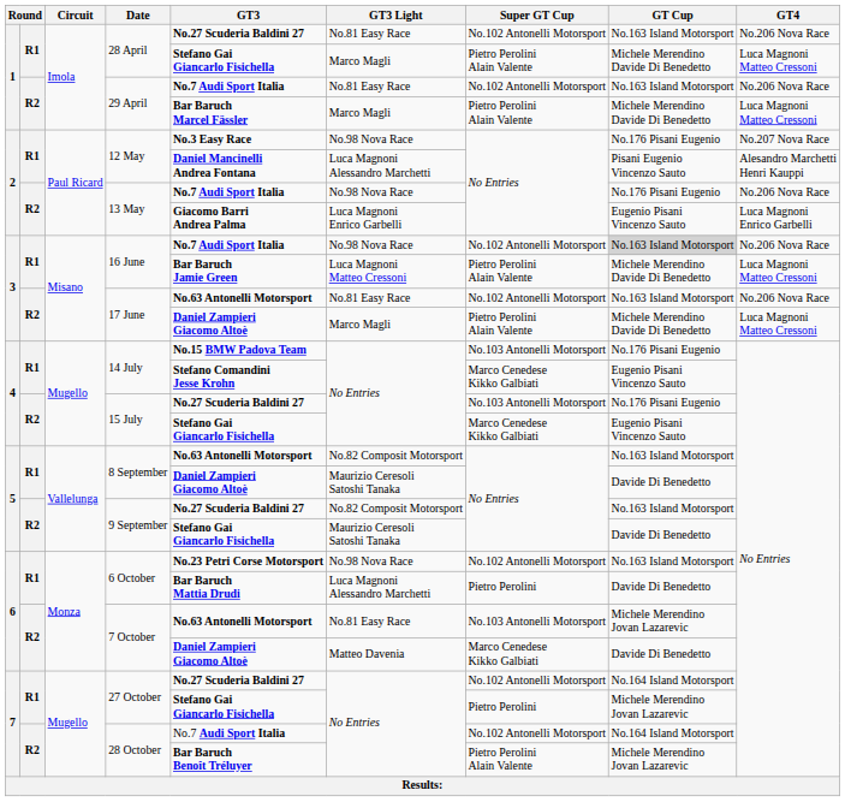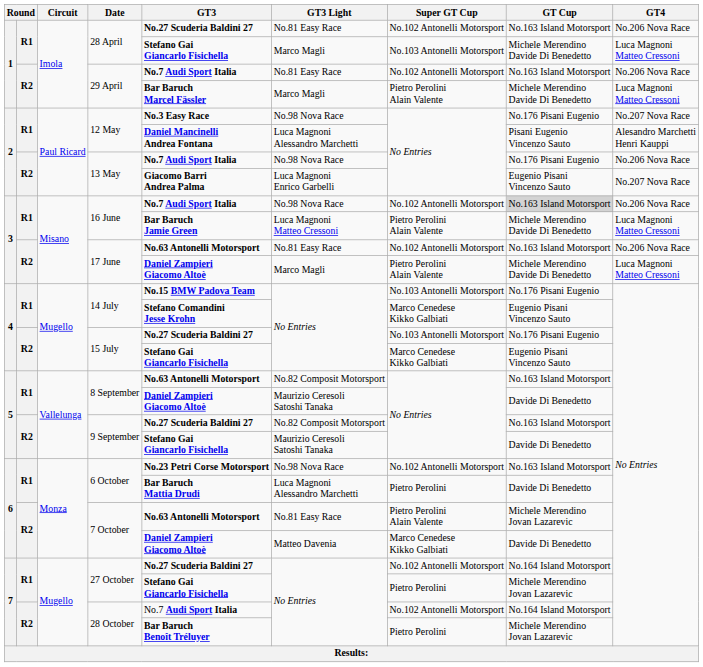 <table class="wikitable" style="font-size: 85%;">
 <tr>
 <th colspan=2>Round</th>
 <th>Circuit</th>
 <th>Date</th>
 <th>GT3</th>
 <th>GT3 Light</th>
 <th>Super GT Cup</th>
 <th>GT Cup</th>
 <th>GT4</th>
 </tr>
 <tr>
 <th rowspan=4>1</th>
 <th rowspan=2>R1</th>
 <td rowspan=4> <a href='#'>Imola</a></td>
 <td rowspan=2>28 April</td>
 <td> <strong>No.27 Scuderia Baldini 27</strong></td>
 <td> No.81 Easy Race</td>
 <td> No.102 Antonelli Motorsport</td>
 <td> No.163 Island Motorsport</td>
 <td> No.206 Nova Race</td>
 </tr>
 <tr>
 <td> <strong>Stefano Gai<br>  <a href='#'>Giancarlo Fisichella</a></strong></td>
 <td> Marco Magli</td>
-<td> Pietro Perolini<br>  Alain Valente</td>
+<td> No.103 Antonelli Motorsport</td>
 <td> Michele Merendino<br>  Davide Di Benedetto</td>
 <td> Luca Magnoni<br>  <a href='#'>Matteo Cressoni</a></td>
 </tr>
 <tr>
 <th rowspan=2>R2</th>
 <td rowspan=2>29 April</td>
 <td> <strong>No.7 <a href='#'>Audi Sport</a> Italia</strong></td>
 <td> No.81 Easy Race</td>
 <td> No.102 Antonelli Motorsport</td>
 <td> No.163 Island Motorsport</td>
 <td> No.206 Nova Race</td>
 </tr>
 <tr>
 <td> <strong>Bar Baruch<br>  <a href='#'>Marcel Fässler</a></strong></td>
 <td> Marco Magli</td>
 <td> Pietro Perolini<br>  Alain Valente</td>
 <td> Michele Merendino<br>  Davide Di Benedetto</td>
 <td> Luca Magnoni<br>  <a href='#'>Matteo Cressoni</a></td>
 </tr>
 <tr>
 <th rowspan=4>2</th>
 <th rowspan=2>R1</th>
 <td rowspan=4> <a href='#'>Paul Ricard</a></td>
 <td rowspan=2>12 May</td>
 <td> <strong>No.3 Easy Race</strong></td>
 <td> No.98 Nova Race</td>
 <td rowspan=4><em>No Entries</em></td>
 <td> No.176 Pisani Eugenio</td>
 <td> No.207 Nova Race</td>
 </tr>
 <tr>
 <td> <strong><a href='#'>Daniel Mancinelli</a><br>  Andrea Fontana</strong></td>
 <td> Luca Magnoni<br>  Alessandro Marchetti</td>
 <td> Pisani Eugenio<br>  Vincenzo Sauto</td>
 <td> Alesandro Marchetti<br>  Henri Kauppi</td>
 </tr>
 <tr>
 <th rowspan=2>R2</th>
 <td rowspan=2>13 May</td>
 <td> <strong>No.7 <a href='#'>Audi Sport</a> Italia</strong></td>
 <td> No.98 Nova Race</td>
 <td> No.176 Pisani Eugenio</td>
 <td> No.206 Nova Race</td>
 </tr>
 <tr>
 <td> <strong>Giacomo Barri<br>  Andrea Palma</strong></td>
 <td> Luca Magnoni<br>  Enrico Garbelli</td>
 <td> Eugenio Pisani<br>  Vincenzo Sauto</td>
-<td> Luca Magnoni<br>  Enrico Garbelli</td>
+<td> No.207 Nova Race</td>
 </tr>
 <tr>
 <th rowspan=4>3</th>
 <th rowspan=2>R1</th>
 <td rowspan=4> <a href='#'>Misano</a></td>
 <td rowspan=2>16 June</td>
 <td> <strong>No.7 <a href='#'>Audi Sport</a> Italia</strong></td>
 <td> No.98 Nova Race</td>
 <td> No.102 Antonelli Motorsport</td>
 <td style="background: lightgrey;"> No.163 Island Motorsport</td>
 <td> No.206 Nova Race</td>
 </tr>
 <tr>
 <td> <strong>Bar Baruch<br>  <a href='#'>Jamie Green</a></strong></td>
 <td> Luca Magnoni<br>  <a href='#'>Matteo Cressoni</a></td>
 <td> Pietro Perolini<br>  Alain Valente</td>
 <td> Michele Merendino<br>  Davide Di Benedetto</td>
 <td> Luca Magnoni<br>  <a href='#'>Matteo Cressoni</a></td>
 </tr>
 <tr>
 <th rowspan=2>R2</th>
 <td rowspan=2>17 June</td>
 <td> <strong>No.63 Antonelli Motorsport</strong></td>
 <td> No.81 Easy Race</td>
 <td> No.102 Antonelli Motorsport</td>
 <td> No.163 Island Motorsport</td>
 <td> No.206 Nova Race</td>
 </tr>
 <tr>
 <td> <strong><a href='#'>Daniel Zampieri</a><br>  <a href='#'>Giacomo Altoè</a></strong></td>
 <td> Marco Magli</td>
 <td> Pietro Perolini<br>  Alain Valente</td>
 <td> Michele Merendino<br>  Davide Di Benedetto</td>
 <td> Luca Magnoni<br>  <a href='#'>Matteo Cressoni</a></td>
 </tr>
 <tr>
 <th rowspan=4>4</th>
 <th rowspan=2>R1</th>
 <td rowspan=4> <a href='#'>Mugello</a></td>
 <td rowspan=2>14 July</td>
 <td> <strong>No.15 <a href='#'>BMW Padova Team</a></strong></td>
 <td rowspan=4><em>No Entries</em></td>
 <td> No.103 Antonelli Motorsport</td>
 <td> No.176 Pisani Eugenio</td>
 <td rowspan=16><em>No Entries</em></td>
 </tr>
 <tr>
 <td> <strong>Stefano Comandini<br>  <a href='#'>Jesse Krohn</a></strong></td>
 <td> Marco Cenedese<br>  Kikko Galbiati</td>
 <td> Eugenio Pisani<br>  Vincenzo Sauto</td>
 </tr>
 <tr>
 <th rowspan=2>R2</th>
 <td rowspan=2>15 July</td>
 <td> <strong>No.27 Scuderia Baldini 27</strong></td>
 <td> No.103 Antonelli Motorsport</td>
 <td> No.176 Pisani Eugenio</td>
 </tr>
 <tr>
 <td> <strong>Stefano Gai<br>  <a href='#'>Giancarlo Fisichella</a></strong></td>
 <td> Marco Cenedese<br>  Kikko Galbiati</td>
 <td> Eugenio Pisani<br>  Vincenzo Sauto</td>
 </tr>
 <tr>
 <th rowspan=4>5</th>
 <th rowspan=2>R1</th>
 <td rowspan=4> <a href='#'>Vallelunga</a></td>
 <td rowspan=2>8 September</td>
 <td> <strong>No.63 Antonelli Motorsport</strong></td>
 <td> No.82 Composit Motorsport</td>
 <td rowspan=4><em>No Entries</em></td>
 <td> No.163 Island Motorsport</td>
 </tr>
 <tr>
 <td> <strong><a href='#'>Daniel Zampieri</a><br>  <a href='#'>Giacomo Altoè</a></strong></td>
 <td> Maurizio Ceresoli<br>  Satoshi Tanaka</td>
 <td> Davide Di Benedetto</td>
 </tr>
 <tr>
 <th rowspan=2>R2</th>
 <td rowspan=2>9 September</td>
 <td> <strong>No.27 Scuderia Baldini 27</strong></td>
 <td> No.82 Composit Motorsport</td>
 <td> No.163 Island Motorsport</td>
 </tr>
 <tr>
 <td> <strong>Stefano Gai<br>  <a href='#'>Giancarlo Fisichella</a></strong></td>
 <td> Maurizio Ceresoli<br>  Satoshi Tanaka</td>
 <td> Davide Di Benedetto</td>
 </tr>
 <tr>
 <th rowspan=4>6</th>
 <th rowspan=2>R1</th>
 <td rowspan=4> <a href='#'>Monza</a></td>
 <td rowspan=2>6 October</td>
 <td> <strong>No.23 Petri Corse Motorsport</strong></td>
 <td> No.98 Nova Race</td>
 <td> No.102 Antonelli Motorsport</td>
 <td> No.163 Island Motorsport</td>
 </tr>
 <tr>
 <td> <strong>Bar Baruch<br>  <a href='#'>Mattia Drudi</a></strong></td>
 <td> Luca Magnoni<br>  Alessandro Marchetti</td>
 <td> Pietro Perolini</td>
 <td> Davide Di Benedetto</td>
 </tr>
 <tr>
 <th rowspan=2>R2</th>
 <td rowspan=2>7 October</td>
 <td> <strong>No.63 Antonelli Motorsport</strong></td>
 <td> No.81 Easy Race</td>
-<td> No.103 Antonelli Motorsport</td>
+<td> Pietro Perolini<br>  Alain Valente</td>
 <td> Michele Merendino<br>  Jovan Lazarevic</td>
 </tr>
 <tr>
 <td> <strong><a href='#'>Daniel Zampieri</a><br>  <a href='#'>Giacomo Altoè</a></strong></td>
 <td> Matteo Davenia</td>
 <td> Marco Cenedese<br>  Kikko Galbiati</td>
 <td> Davide Di Benedetto</td>
 </tr>
 <tr>
 <th rowspan=4>7</th>
 <th rowspan=2>R1</th>
 <td rowspan=4> <a href='#'>Mugello</a></td>
 <td rowspan=2>27 October</td>
 <td> <strong>No.27 Scuderia Baldini 27</strong></td>
 <td rowspan=4><em>No Entries</em></td>
 <td> No.102 Antonelli Motorsport</td>
 <td> No.164 Island Motorsport</td>
 </tr>
 <tr>
 <td> <strong>Stefano Gai<br>  <a href='#'>Giancarlo Fisichella</a></strong></td>
 <td> Pietro Perolini</td>
 <td> Michele Merendino<br>  Jovan Lazarevic</td>
 </tr>
 <tr>
 <th rowspan=2>R2</th>
 <td rowspan=2>28 October</td>
 <td> No.7 <strong><a href='#'>Audi Sport</a> Italia</strong></td>
 <td> No.102 Antonelli Motorsport</td>
 <td> No.164 Island Motorsport</td>
 </tr>
 <tr>
 <td> <strong>Bar Baruch<br>  <a href='#'>Benoît Tréluyer</a></strong></td>
-<td> Pietro Perolini<br>  Alain Valente</td>
+<td> Pietro Perolini</td>
 <td> Michele Merendino<br>  Jovan Lazarevic</td>
 </tr>
 <tr>
 <th colspan=9>Results:              </th>
 </tr>
 </table>
